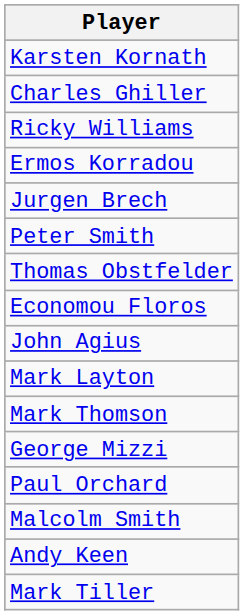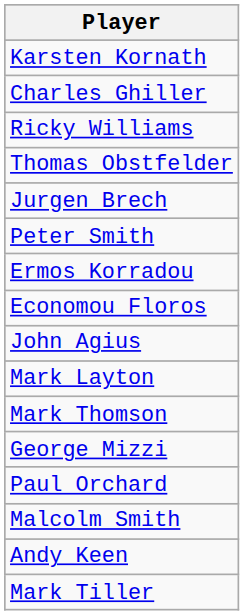 <table class="wikitable">
 <tr>
 <th>Player</th>
 </tr>
 <tr>
 <td> <a href='#'>Karsten Kornath</a></td>
 </tr>
 <tr>
 <td> <a href='#'>Charles Ghiller</a></td>
 </tr>
 <tr>
 <td> <a href='#'>Ricky Williams</a></td>
 </tr>
 <tr>
-<td> <a href='#'>Ermos Korradou</a></td>
+<td> <a href='#'>Thomas Obstfelder</a></td>
 </tr>
 <tr>
 <td> <a href='#'>Jurgen Brech</a></td>
 </tr>
 <tr>
 <td> <a href='#'>Peter Smith</a></td>
 </tr>
 <tr>
-<td> <a href='#'>Thomas Obstfelder</a></td>
+<td> <a href='#'>Ermos Korradou</a></td>
 </tr>
 <tr>
 <td> <a href='#'>Economou Floros</a></td>
 </tr>
 <tr>
 <td> <a href='#'>John Agius</a></td>
 </tr>
 <tr>
 <td> <a href='#'>Mark Layton</a></td>
 </tr>
 <tr>
 <td> <a href='#'>Mark Thomson</a></td>
 </tr>
 <tr>
 <td> <a href='#'>George Mizzi</a></td>
 </tr>
 <tr>
 <td> <a href='#'>Paul Orchard</a></td>
 </tr>
 <tr>
 <td> <a href='#'>Malcolm Smith</a></td>
 </tr>
 <tr>
 <td> <a href='#'>Andy Keen</a></td>
 </tr>
 <tr>
 <td> <a href='#'>Mark Tiller</a></td>
 </tr>
 </table>
